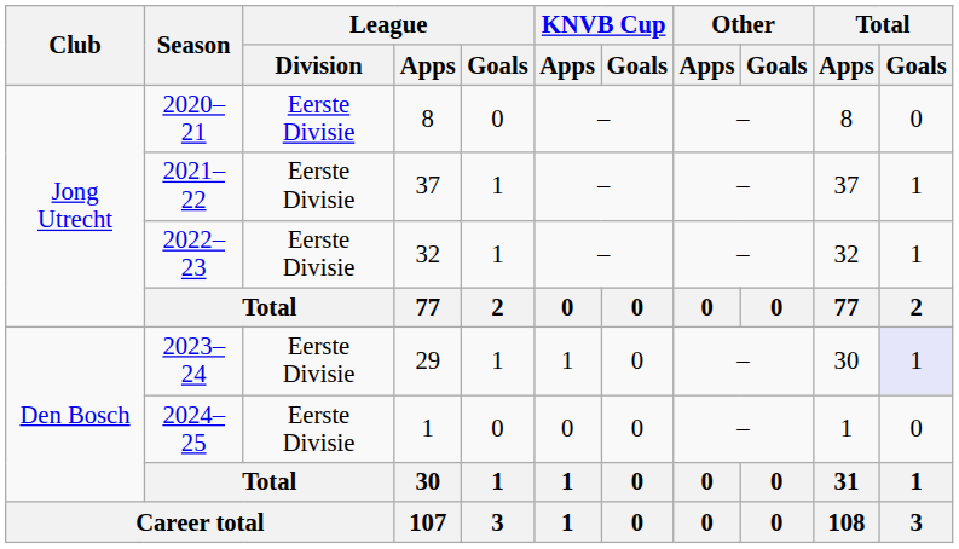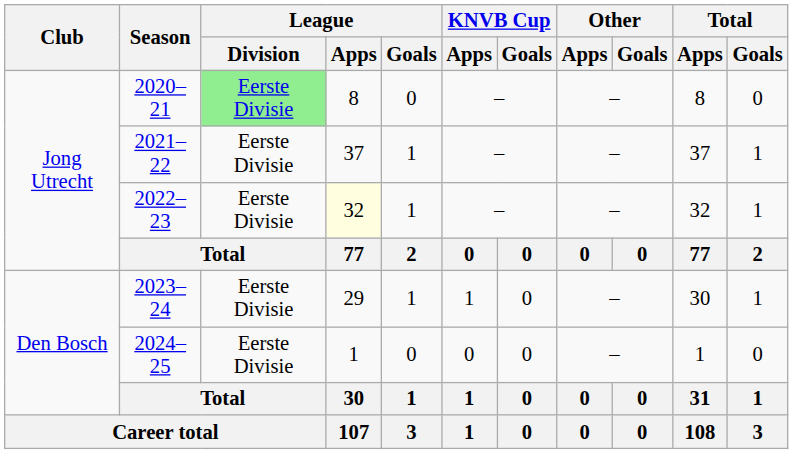 <table class="wikitable" style="text-align:center">
 <tr>
 <th rowspan="2">Club</th>
 <th rowspan="2">Season</th>
 <th colspan="3">League</th>
 <th colspan="2"><a href='#'>KNVB Cup</a></th>
 <th colspan="2">Other</th>
 <th colspan="2">Total</th>
 </tr>
 <tr>
 <th>Division</th>
 <th>Apps</th>
 <th>Goals</th>
 <th>Apps</th>
 <th>Goals</th>
 <th>Apps</th>
 <th>Goals</th>
 <th>Apps</th>
 <th>Goals</th>
 </tr>
 <tr>
 <td rowspan=4><a href='#'>Jong Utrecht</a></td>
 <td><a href='#'>2020–21</a></td>
-<td><a href='#'>Eerste Divisie</a></td>
+<td style="background: lightgreen;"><a href='#'>Eerste Divisie</a></td>
 <td>8</td>
 <td>0</td>
 <td colspan=2>–</td>
 <td colspan=2>–</td>
 <td>8</td>
 <td>0</td>
 </tr>
 <tr>
 <td><a href='#'>2021–22</a></td>
 <td>Eerste Divisie</td>
 <td>37</td>
 <td>1</td>
 <td colspan=2>–</td>
 <td colspan=2>–</td>
 <td>37</td>
 <td>1</td>
 </tr>
 <tr>
 <td><a href='#'>2022–23</a></td>
 <td>Eerste Divisie</td>
-<td>32</td>
+<td style="background: lightyellow;">32</td>
 <td>1</td>
 <td colspan=2>–</td>
 <td colspan=2>–</td>
 <td>32</td>
 <td>1</td>
 </tr>
 <tr>
 <th colspan=2>Total</th>
 <th>77</th>
 <th>2</th>
 <th>0</th>
 <th>0</th>
 <th>0</th>
 <th>0</th>
 <th>77</th>
 <th>2</th>
 </tr>
 <tr>
 <td rowspan=3><a href='#'>Den Bosch</a></td>
 <td><a href='#'>2023–24</a></td>
 <td>Eerste Divisie</td>
 <td>29</td>
 <td>1</td>
 <td>1</td>
 <td>0</td>
 <td colspan=2>–</td>
 <td>30</td>
-<td style="background: lavender;">1</td>
+<td>1</td>
 </tr>
 <tr>
 <td><a href='#'>2024–25</a></td>
 <td>Eerste Divisie</td>
 <td>1</td>
 <td>0</td>
 <td>0</td>
 <td>0</td>
 <td colspan=2>–</td>
 <td>1</td>
 <td>0</td>
 </tr>
 <tr>
 <th colspan=2>Total</th>
 <th>30</th>
 <th>1</th>
 <th>1</th>
 <th>0</th>
 <th>0</th>
 <th>0</th>
 <th>31</th>
 <th>1</th>
 </tr>
 <tr>
 <th colspan="3">Career total</th>
 <th>107</th>
 <th>3</th>
 <th>1</th>
 <th>0</th>
 <th>0</th>
 <th>0</th>
 <th>108</th>
 <th>3</th>
 </tr>
 </table>
